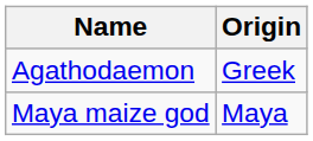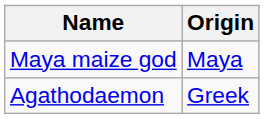 <table class="wikitable" style="display: inline-table;">
 <tr>
 <th>Name</th>
 <th>Origin</th>
 </tr>
 <tr>
+<td><a href='#'>Maya maize god</a></td>
+<td><a href='#'>Maya</a></td>
+</tr>
+<tr>
 <td><a href='#'>Agathodaemon</a></td>
 <td><a href='#'>Greek</a></td>
 </tr>
-<tr>
-<td><a href='#'>Maya maize god</a></td>
-<td><a href='#'>Maya</a></td>
-</tr>
 </table>
